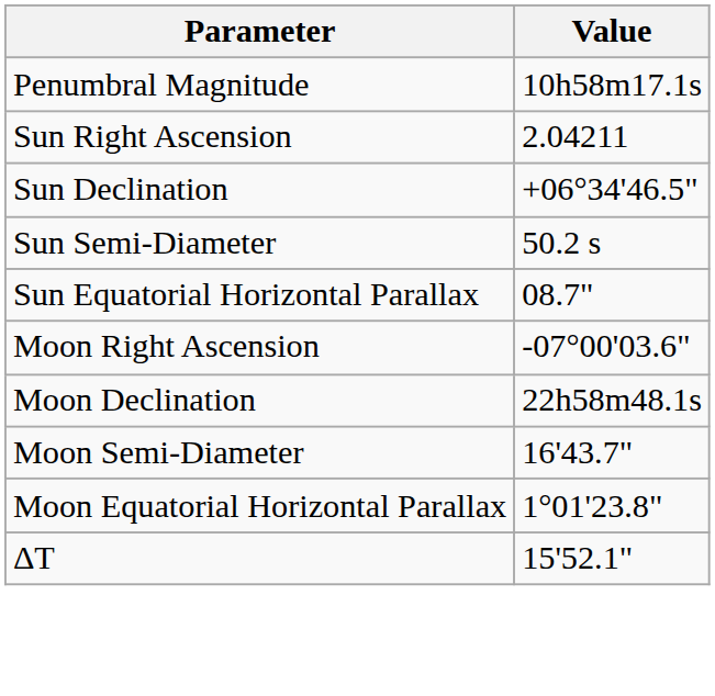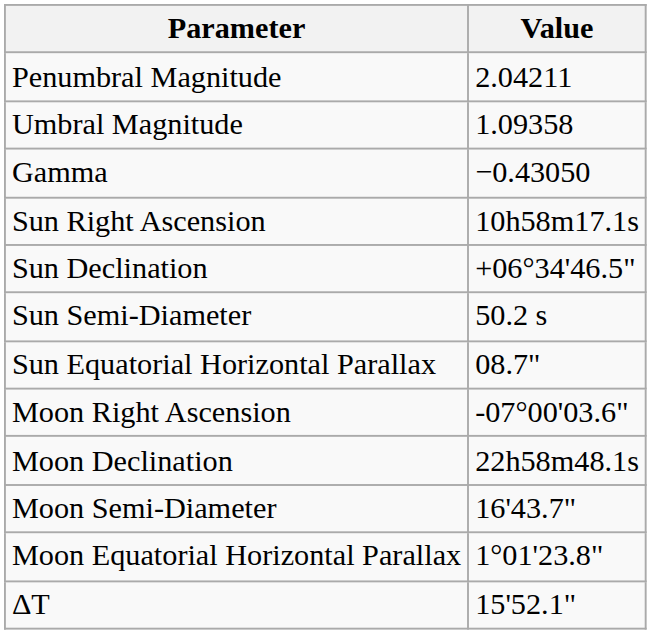 <table class="wikitable">
 <tr>
 <th>Parameter</th>
 <th>Value</th>
 </tr>
 <tr>
 <td>Penumbral Magnitude</td>
-<td>10h58m17.1s</td>
+<td>2.04211</td>
+</tr>
+<tr>
+<td>Umbral Magnitude</td>
+<td>1.09358</td>
+</tr>
+<tr>
+<td>Gamma</td>
+<td>−0.43050</td>
 </tr>
 <tr>
 <td>Sun Right Ascension</td>
-<td>2.04211</td>
+<td>10h58m17.1s</td>
 </tr>
 <tr>
 <td>Sun Declination</td>
 <td>+06°34'46.5"</td>
 </tr>
 <tr>
 <td>Sun Semi-Diameter</td>
 <td>50.2 s</td>
 </tr>
 <tr>
 <td>Sun Equatorial Horizontal Parallax</td>
 <td>08.7"</td>
 </tr>
 <tr>
 <td>Moon Right Ascension</td>
 <td>-07°00'03.6"</td>
 </tr>
 <tr>
 <td>Moon Declination</td>
 <td>22h58m48.1s</td>
 </tr>
 <tr>
 <td>Moon Semi-Diameter</td>
 <td>16'43.7"</td>
 </tr>
 <tr>
 <td>Moon Equatorial Horizontal Parallax</td>
 <td>1°01'23.8"</td>
 </tr>
 <tr>
 <td>ΔT</td>
 <td>15'52.1"</td>
 </tr>
 </table>
